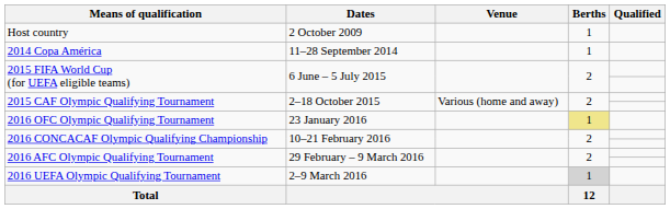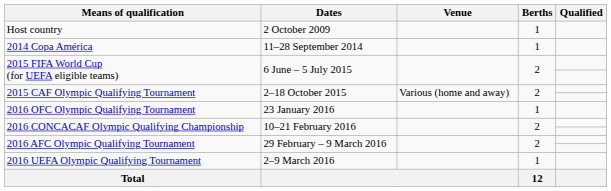 <table class="wikitable" style="width:900px;">
 <tr>
 <th>Means of qualification</th>
 <th>Dates</th>
 <th>Venue</th>
 <th>Berths</th>
 <th>Qualified</th>
 </tr>
 <tr>
 <td>Host country</td>
 <td>2 October 2009</td>
 <td></td>
 <td align="center">1</td>
 <td></td>
 </tr>
 <tr>
 <td><a href='#'>2014 Copa América</a></td>
 <td>11–28 September 2014</td>
 <td></td>
 <td align=center>1</td>
 <td></td>
 </tr>
 <tr>
 <td rowspan="2"><a href='#'>2015 FIFA World Cup</a><br>(for <a href='#'>UEFA</a> eligible teams)</td>
 <td rowspan="2">6 June – 5 July 2015</td>
 <td rowspan="2"></td>
 <td rowspan="2" align=center>2</td>
 <td></td>
 </tr>
 <tr>
 <td></td>
 </tr>
 <tr>
 <td rowspan="2"><a href='#'>2015 CAF Olympic Qualifying Tournament</a></td>
 <td rowspan="2">2–18 October 2015</td>
 <td rowspan="2">Various (home and away)</td>
 <td rowspan="2" align=center>2</td>
 <td></td>
 </tr>
 <tr>
 <td></td>
 </tr>
 <tr>
 <td><a href='#'>2016 OFC Olympic Qualifying Tournament</a></td>
 <td>23 January 2016</td>
 <td></td>
-<td align=center style="background: khaki;">1</td>
+<td align=center>1</td>
 <td></td>
 </tr>
 <tr>
 <td rowspan="2"><a href='#'>2016 CONCACAF Olympic Qualifying Championship</a></td>
 <td rowspan="2">10–21 February 2016</td>
 <td rowspan="2"></td>
 <td rowspan="2" align=center>2</td>
 <td></td>
 </tr>
 <tr>
 <td></td>
 </tr>
 <tr>
 <td rowspan="2"><a href='#'>2016 AFC Olympic Qualifying Tournament</a></td>
 <td rowspan="2">29 February – 9 March 2016</td>
 <td rowspan="2"></td>
 <td rowspan="2" align=center>2</td>
 <td></td>
 </tr>
 <tr>
 <td></td>
 </tr>
 <tr>
 <td><a href='#'>2016 UEFA Olympic Qualifying Tournament</a></td>
 <td>2–9 March 2016</td>
 <td></td>
-<td align=center style="background: lightgrey;">1</td>
+<td align=center>1</td>
 <td></td>
 </tr>
 <tr>
 <th>Total</th>
 <th colspan=2></th>
 <th>12</th>
 <th colspan=2></th>
 </tr>
 </table>
